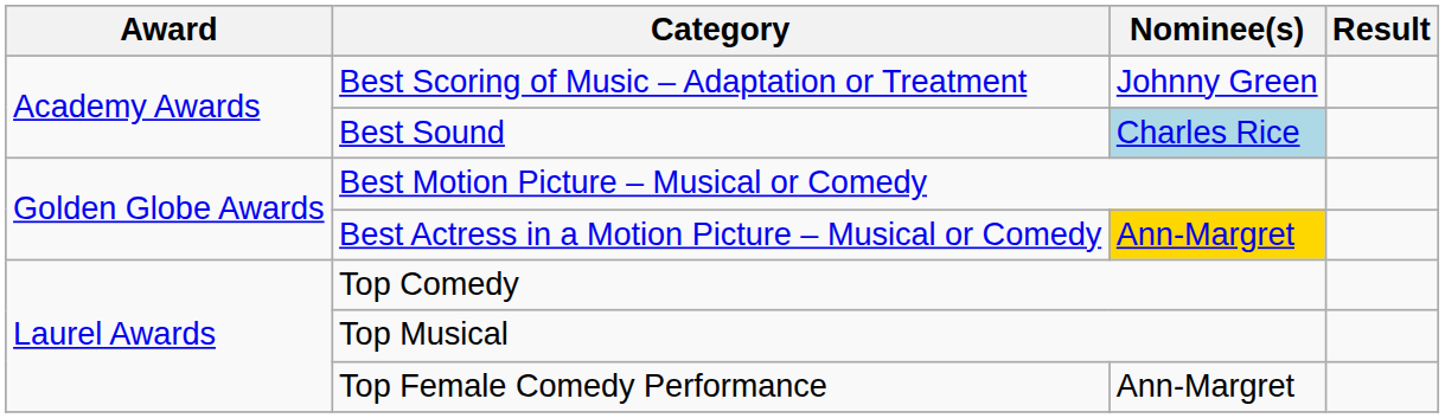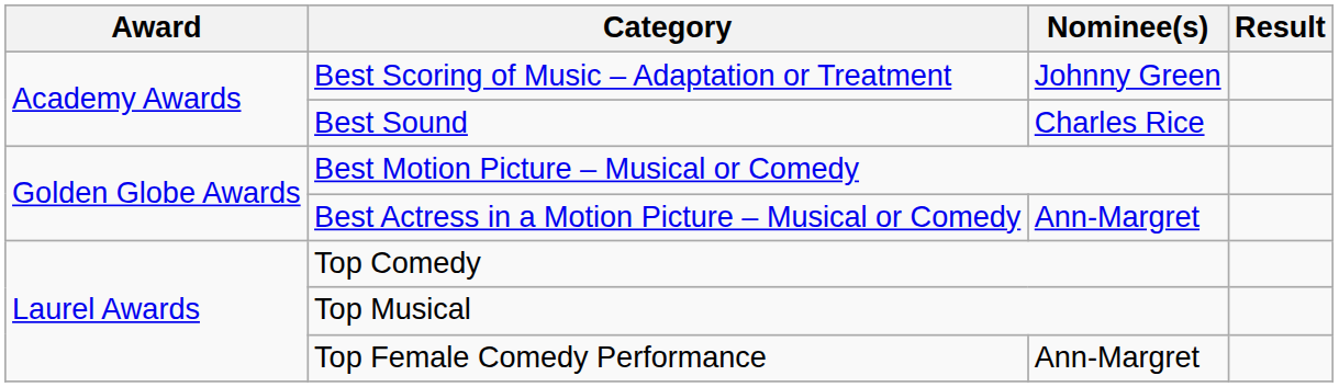 <table class="wikitable plainrowheaders">
 <tr>
 <th>Award</th>
 <th>Category</th>
 <th>Nominee(s)</th>
 <th>Result</th>
 </tr>
 <tr>
 <td rowspan="2"><a href='#'>Academy Awards</a></td>
 <td><a href='#'>Best Scoring of Music – Adaptation or Treatment</a></td>
 <td><a href='#'>Johnny Green</a></td>
 <td></td>
 </tr>
 <tr>
 <td><a href='#'>Best Sound</a></td>
-<td style="background: lightblue;"><a href='#'>Charles Rice</a></td>
+<td><a href='#'>Charles Rice</a></td>
 <td></td>
 </tr>
 <tr>
 <td rowspan="2"><a href='#'>Golden Globe Awards</a></td>
 <td colspan="2"><a href='#'>Best Motion Picture – Musical or Comedy</a></td>
 <td></td>
 </tr>
 <tr>
 <td><a href='#'>Best Actress in a Motion Picture – Musical or Comedy</a></td>
-<td style="background: gold;"><a href='#'>Ann-Margret</a></td>
+<td><a href='#'>Ann-Margret</a></td>
 <td></td>
 </tr>
 <tr>
 <td rowspan="3"><a href='#'>Laurel Awards</a></td>
 <td colspan="2">Top Comedy</td>
 <td></td>
 </tr>
 <tr>
 <td colspan="2">Top Musical</td>
 <td></td>
 </tr>
 <tr>
 <td>Top Female Comedy Performance</td>
 <td>Ann-Margret</td>
 <td></td>
 </tr>
 </table>
